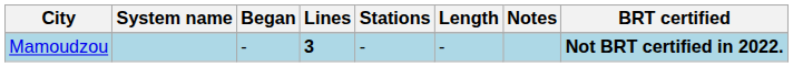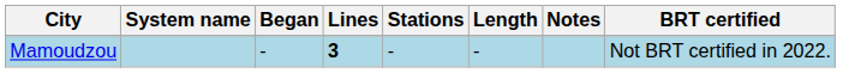 <table class="wikitable">
 <tr>
 <th>City</th>
 <th>System name</th>
 <th>Began</th>
 <th>Lines</th>
 <th>Stations</th>
 <th>Length</th>
 <th>Notes</th>
 <th>BRT certified</th>
 </tr>
 <tr>
 </tr>
 <tr style="background:lightblue;">
 <td><a href='#'>Mamoudzou</a></td>
 <td></td>
 <td>-</td>
 <td><strong>3</strong></td>
 <td>-</td>
 <td>-</td>
 <td></td>
-<td><strong>Not BRT certified in 2022.</strong></td>
+<td>Not BRT certified in 2022.</td>
 </tr>
 </table>
